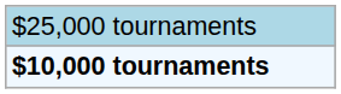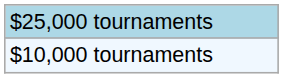 <table class="wikitable"  style="font-size:85%; width:11%;">
 <tr style="background:lightblue;">
 <td>$25,000 tournaments</td>
 </tr>
 <tr style="background:#f0f8ff;">
-<td><strong>$10,000 tournaments</strong></td>
+<td>$10,000 tournaments</td>
 </tr>
 </table>
